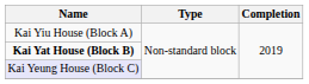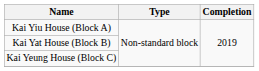 <table class="wikitable" style="text-align: center">
 <tr>
 <th>Name</th>
 <th>Type</th>
 <th>Completion</th>
 </tr>
 <tr>
 <td>Kai Yiu House (Block A)</td>
 <td rowspan="3">Non-standard block</td>
 <td rowspan="3">2019</td>
 </tr>
 <tr>
-<td><strong>Kai Yat House (Block B)</strong></td>
+<td>Kai Yat House (Block B)</td>
 </tr>
 <tr>
-<td style="background: lavender;">Kai Yeung House (Block C)</td>
+<td>Kai Yeung House (Block C)</td>
 </tr>
 <tr>
 </tr>
 </table>
